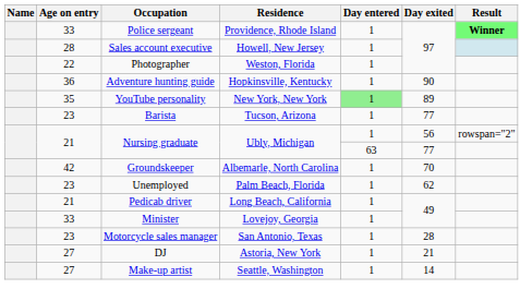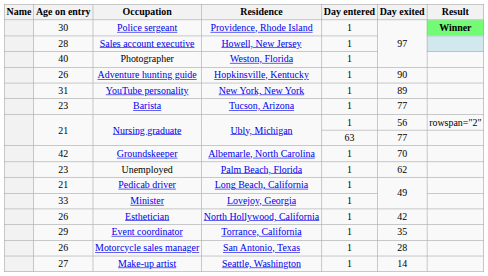 <table class="wikitable sortable" style="text-align:center;">
 <tr>
 <th scope="col">Name</th>
 <th scope="col">Age on entry</th>
 <th scope="col" class="unsortable">Occupation</th>
 <th scope="col" class="unsortable">Residence</th>
 <th scope="col" class="unsortable">Day entered</th>
 <th scope="col">Day exited</th>
 <th scope="col" class="unsortable">Result</th>
 </tr>
 <tr>
 <th scope="row"></th>
-<td>33</td>
+<td>30</td>
 <td><a href='#'>Police sergeant</a></td>
 <td><a href='#'>Providence, Rhode Island</a></td>
 <td>1</td>
 <td rowspan="3">97</td>
 <td bgcolor="73FB76"><strong>Winner</strong></td>
 </tr>
 <tr>
 <th scope="row"></th>
 <td>28</td>
 <td><a href='#'>Sales account executive</a></td>
 <td><a href='#'>Howell, New Jersey</a></td>
 <td>1</td>
 <td bgcolor="D1E8EF"></td>
 </tr>
 <tr>
 <th scope="row"></th>
-<td>22</td>
+<td>40</td>
 <td>Photographer</td>
 <td><a href='#'>Weston, Florida</a></td>
 <td>1</td>
 <td></td>
 </tr>
 <tr>
 <th scope="row"></th>
-<td>36</td>
+<td>26</td>
 <td><a href='#'>Adventure hunting guide</a></td>
 <td><a href='#'>Hopkinsville, Kentucky</a></td>
 <td>1</td>
 <td>90</td>
 <td></td>
 </tr>
 <tr>
 <th scope="row"></th>
-<td>35</td>
+<td>31</td>
 <td><a href='#'>YouTube personality</a></td>
 <td><a href='#'>New York, New York</a></td>
-<td style="background: lightgreen;">1</td>
+<td>1</td>
 <td>89</td>
 <td></td>
 </tr>
 <tr>
 <th scope="row"></th>
 <td>23</td>
 <td><a href='#'>Barista</a></td>
 <td><a href='#'>Tucson, Arizona</a></td>
 <td>1</td>
 <td>77</td>
 <td></td>
 </tr>
 <tr>
 <th scope="row" rowspan="2"></th>
 <td rowspan="2">21</td>
 <td rowspan="2"><a href='#'>Nursing graduate</a></td>
 <td rowspan="2"><a href='#'>Ubly, Michigan</a></td>
 <td>1</td>
 <td>56</td>
 <td>rowspan="2" </td>
 </tr>
 <tr>
 <td>63</td>
 <td>77</td>
 </tr>
 <tr>
 <th scope="row"></th>
 <td>42</td>
 <td><a href='#'>Groundskeeper</a></td>
 <td><a href='#'>Albemarle, North Carolina</a></td>
 <td>1</td>
 <td>70</td>
 <td></td>
 </tr>
 <tr>
 <th scope="row"></th>
 <td>23</td>
 <td>Unemployed</td>
 <td><a href='#'>Palm Beach, Florida</a></td>
 <td>1</td>
 <td>62</td>
 <td></td>
 </tr>
 <tr>
 <th scope="row"></th>
 <td>21</td>
 <td><a href='#'>Pedicab driver</a></td>
 <td><a href='#'>Long Beach, California</a></td>
 <td>1</td>
 <td rowspan="2">49</td>
 <td></td>
 </tr>
 <tr>
 <th scope="row"></th>
 <td>33</td>
 <td><a href='#'>Minister</a></td>
 <td><a href='#'>Lovejoy, Georgia</a></td>
 <td>1</td>
 <td></td>
 </tr>
 <tr>
 <th scope="row"></th>
-<td>23</td>
+<td>26</td>
+<td><a href='#'>Esthetician</a></td>
+<td><a href='#'>North Hollywood, California</a></td>
+<td>1</td>
+<td>42</td>
+<td></td>
+</tr>
+<tr>
+<th scope="row"></th>
+<td>29</td>
+<td><a href='#'>Event coordinator</a></td>
+<td><a href='#'>Torrance, California</a></td>
+<td>1</td>
+<td>35</td>
+<td></td>
+</tr>
+<tr>
+<th scope="row"></th>
+<td>26</td>
 <td><a href='#'>Motorcycle sales manager</a></td>
 <td><a href='#'>San Antonio, Texas</a></td>
 <td>1</td>
 <td>28</td>
-<td></td>
-</tr>
-<tr>
-<th scope="row"></th>
-<td>27</td>
-<td>DJ</td>
-<td><a href='#'>Astoria, New York</a></td>
-<td>1</td>
-<td>21</td>
 <td></td>
 </tr>
 <tr>
 <th scope="row"></th>
 <td>27</td>
 <td><a href='#'>Make-up artist</a></td>
 <td><a href='#'>Seattle, Washington</a></td>
 <td>1</td>
 <td>14</td>
 <td></td>
 </tr>
 </table>
